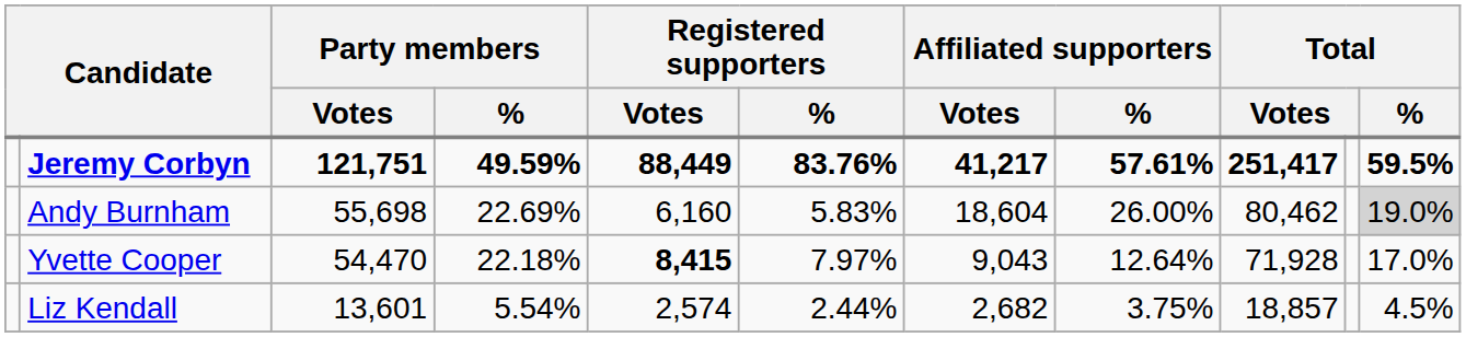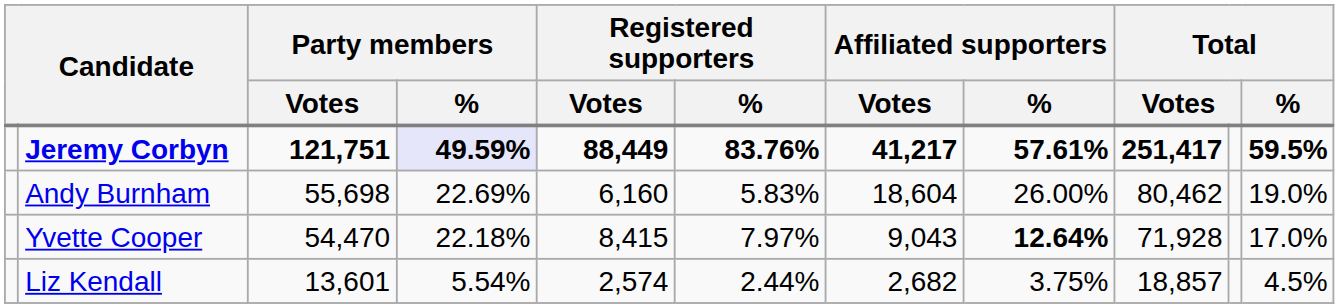 <table class="wikitable" style="font-size: 95%;">
 <tr style="background:#e9e9e9;">
 <th colspan="2" scope="col" rowspan="2" style="width:125px;">Candidate</th>
 <th scope="col" colspan="2" style="width:150px;">Party members</th>
 <th scope="col" colspan="2" style="width:150px;">Registered supporters</th>
 <th scope="col" colspan="2" style="width:150px;">Affiliated supporters</th>
 <th scope="col" colspan="3" style="width:75px;">Total</th>
 </tr>
 <tr style="background:#e9e9e9; border-bottom:2px solid gray;">
 <th>Votes</th>
 <th>%</th>
 <th>Votes</th>
 <th>%</th>
 <th>Votes</th>
 <th>%</th>
 <th scope="col" colspan="2">Votes</th>
 <th>%</th>
 </tr>
 <tr style="text-align:right;">
 <td style="background-color: "></td>
 <td scope="row" style="text-align:left;"><strong><a href='#'>Jeremy Corbyn</a></strong></td>
 <td><strong>121,751</strong></td>
-<td><strong>49.59%</strong></td>
+<td style="background: lavender;"><strong>49.59%</strong></td>
 <td><strong>88,449</strong></td>
 <td><strong>83.76%</strong></td>
 <td><strong>41,217</strong></td>
 <td><strong>57.61%</strong></td>
 <td><strong>251,417</strong></td>
 <td align=center></td>
 <td><strong>59.5%</strong></td>
 </tr>
 <tr style="text-align:right;">
 <td style="background-color: "></td>
 <td scope="row" style="text-align:left;"><a href='#'>Andy Burnham</a></td>
 <td>55,698</td>
 <td>22.69%</td>
 <td>6,160</td>
 <td>5.83%</td>
 <td>18,604</td>
 <td>26.00%</td>
 <td>80,462</td>
 <td align=center></td>
-<td style="background: lightgrey;">19.0%</td>
+<td>19.0%</td>
 </tr>
 <tr style="text-align:right;">
 <td style="background-color: "></td>
 <td scope="row" style="text-align:left;"><a href='#'>Yvette Cooper</a></td>
 <td>54,470</td>
 <td>22.18%</td>
-<td><strong>8,415</strong></td>
+<td>8,415</td>
 <td>7.97%</td>
 <td>9,043</td>
-<td>12.64%</td>
+<td><strong>12.64%</strong></td>
 <td>71,928</td>
 <td align=center></td>
 <td>17.0%</td>
 </tr>
 <tr style="text-align:right;">
 <td style="background-color: "></td>
 <td scope="row" style="text-align:left;"><a href='#'>Liz Kendall</a></td>
 <td>13,601</td>
 <td>5.54%</td>
 <td>2,574</td>
 <td>2.44%</td>
 <td>2,682</td>
 <td>3.75%</td>
 <td>18,857</td>
 <td align=center></td>
 <td>4.5%</td>
 </tr>
 </table>
